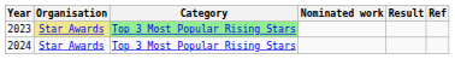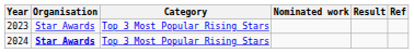 <table class="wikitable sortable" style="text-align: center;">
 <tr>
 <th>Year</th>
 <th>Organisation</th>
 <th>Category</th>
 <th>Nominated work</th>
 <th>Result</th>
 <th class="unsortable">Ref</th>
 </tr>
 <tr>
 <td>2023</td>
-<td style="background: khaki;"><a href='#'>Star Awards</a></td>
-<td style="background: lightgreen;"><a href='#'>Top 3 Most Popular Rising Stars</a></td>
+<td><a href='#'>Star Awards</a></td>
+<td><a href='#'>Top 3 Most Popular Rising Stars</a></td>
 <td></td>
 <td></td>
 </tr>
 <tr>
 <td>2024</td>
-<td><a href='#'>Star Awards</a></td>
+<td><strong><a href='#'>Star Awards</a></strong></td>
 <td><a href='#'>Top 3 Most Popular Rising Stars</a></td>
 <td></td>
 <td></td>
 <td></td>
 </tr>
 </table>
